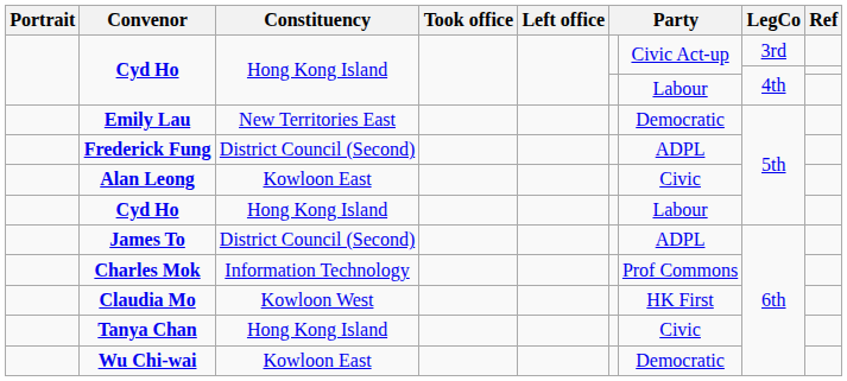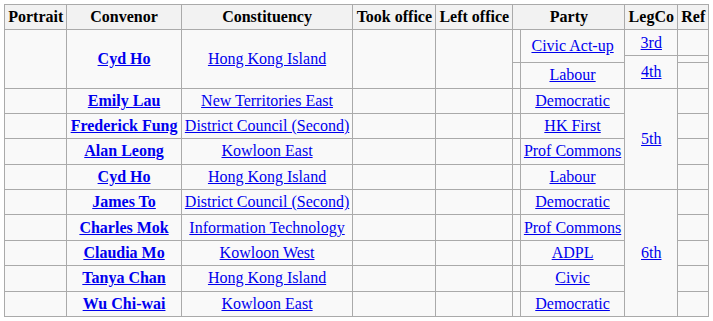 <table class="wikitable sortable" style="text-align:center">
 <tr>
 <th>Portrait</th>
 <th>Convenor</th>
 <th>Constituency</th>
 <th>Took office</th>
 <th>Left office</th>
 <th colspan="2">Party</th>
 <th>LegCo</th>
 <th>Ref</th>
 </tr>
 <tr>
 <td rowspan="3"></td>
 <td rowspan="3"><strong><a href='#'>Cyd Ho</a></strong></td>
 <td rowspan="3"><a href='#'>Hong Kong Island</a></td>
 <td rowspan="3"></td>
 <td rowspan="3"></td>
 <td rowspan="2" style="background-color: "></td>
 <td rowspan="2"><a href='#'>Civic Act-up</a></td>
 <td><a href='#'>3rd</a></td>
 <td></td>
 </tr>
 <tr>
 <td rowspan="2"><a href='#'>4th</a></td>
 <td></td>
 </tr>
 <tr>
 <td style="background-color: "></td>
 <td><a href='#'>Labour</a></td>
 <td></td>
 </tr>
 <tr>
 <td></td>
 <td><strong><a href='#'>Emily Lau</a></strong></td>
 <td><a href='#'>New Territories East</a></td>
 <td></td>
 <td></td>
 <td style="background-color: "></td>
 <td><a href='#'>Democratic</a></td>
 <td rowspan="4"><a href='#'>5th</a></td>
 <td></td>
 </tr>
 <tr>
 <td></td>
 <td><strong><a href='#'>Frederick Fung</a></strong></td>
 <td><a href='#'>District Council (Second)</a></td>
 <td></td>
 <td></td>
 <td style="background-color: "></td>
-<td><a href='#'>ADPL</a></td>
+<td><a href='#'>HK First</a></td>
 <td></td>
 </tr>
 <tr>
 <td></td>
 <td><strong><a href='#'>Alan Leong</a></strong></td>
 <td><a href='#'>Kowloon East</a></td>
 <td></td>
 <td></td>
 <td style="background-color: "></td>
-<td><a href='#'>Civic</a></td>
+<td><a href='#'>Prof Commons</a></td>
 <td></td>
 </tr>
 <tr>
 <td></td>
 <td><strong><a href='#'>Cyd Ho</a></strong></td>
 <td><a href='#'>Hong Kong Island</a></td>
 <td></td>
 <td></td>
 <td style="background-color: "></td>
 <td><a href='#'>Labour</a></td>
 <td></td>
 </tr>
 <tr>
 <td></td>
 <td><strong><a href='#'>James To</a></strong></td>
 <td><a href='#'>District Council (Second)</a></td>
 <td></td>
 <td></td>
 <td style="background-color: "></td>
-<td><a href='#'>ADPL</a></td>
+<td><a href='#'>Democratic</a></td>
 <td rowspan="5"><a href='#'>6th</a></td>
 <td></td>
 </tr>
 <tr>
 <td></td>
 <td><strong><a href='#'>Charles Mok</a></strong></td>
 <td><a href='#'>Information Technology</a></td>
 <td></td>
 <td></td>
 <td style="background-color: "></td>
 <td><a href='#'>Prof Commons</a></td>
 <td></td>
 </tr>
 <tr>
 <td></td>
 <td><strong><a href='#'>Claudia Mo</a></strong></td>
 <td><a href='#'>Kowloon West</a></td>
 <td></td>
 <td></td>
 <td style="background-color: "></td>
-<td><a href='#'>HK First</a></td>
+<td><a href='#'>ADPL</a></td>
 <td></td>
 </tr>
 <tr>
 <td></td>
 <td><strong><a href='#'>Tanya Chan</a></strong></td>
 <td><a href='#'>Hong Kong Island</a></td>
 <td></td>
 <td></td>
 <td style="background-color: "></td>
 <td><a href='#'>Civic</a></td>
 <td></td>
 </tr>
 <tr>
 <td></td>
 <td><strong><a href='#'>Wu Chi-wai</a></strong></td>
 <td><a href='#'>Kowloon East</a></td>
 <td></td>
 <td></td>
 <td style="background-color: "></td>
 <td><a href='#'>Democratic</a></td>
 <td></td>
 </tr>
 </table>
